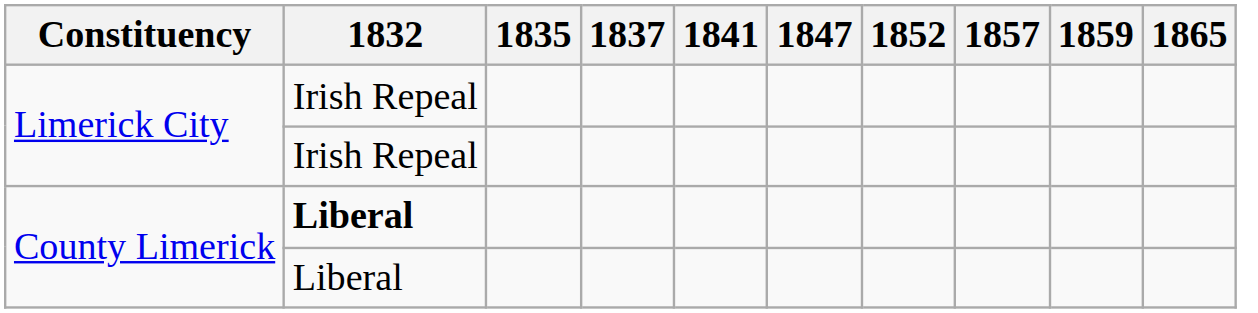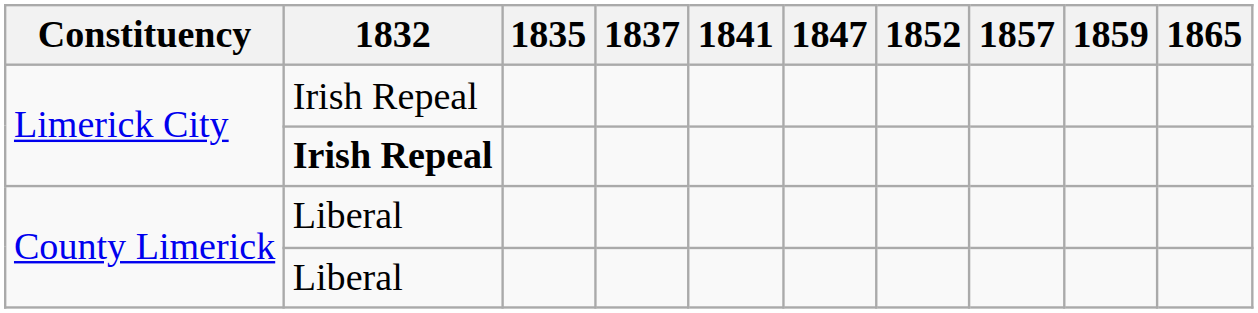 <table class=wikitable sortable>
 <tr>
 <th>Constituency</th>
 <th>1832</th>
 <th>1835</th>
 <th>1837</th>
 <th>1841</th>
 <th>1847</th>
 <th>1852</th>
 <th>1857</th>
 <th>1859</th>
 <th>1865</th>
 </tr>
 <tr>
 <td rowspan=2><a href='#'>Limerick City</a></td>
 <td bgcolor=>Irish Repeal</td>
 <td></td>
 <td></td>
 <td></td>
 <td></td>
 <td></td>
 <td></td>
 <td></td>
 <td></td>
 </tr>
 <tr>
-<td bgcolor=>Irish Repeal</td>
+<td bgcolor=><strong>Irish Repeal</strong></td>
 <td></td>
 <td></td>
 <td></td>
 <td></td>
 <td></td>
 <td></td>
 <td></td>
 <td></td>
 </tr>
 <tr>
 <td rowspan=2><a href='#'>County Limerick</a></td>
-<td bgcolor=><strong>Liberal</strong></td>
+<td bgcolor=>Liberal</td>
 <td></td>
 <td></td>
 <td></td>
 <td></td>
 <td></td>
 <td></td>
 <td></td>
 <td></td>
 </tr>
 <tr>
 <td bgcolor=>Liberal</td>
 <td></td>
 <td></td>
 <td></td>
 <td></td>
 <td></td>
 <td></td>
 <td></td>
 <td></td>
 </tr>
 </table>
